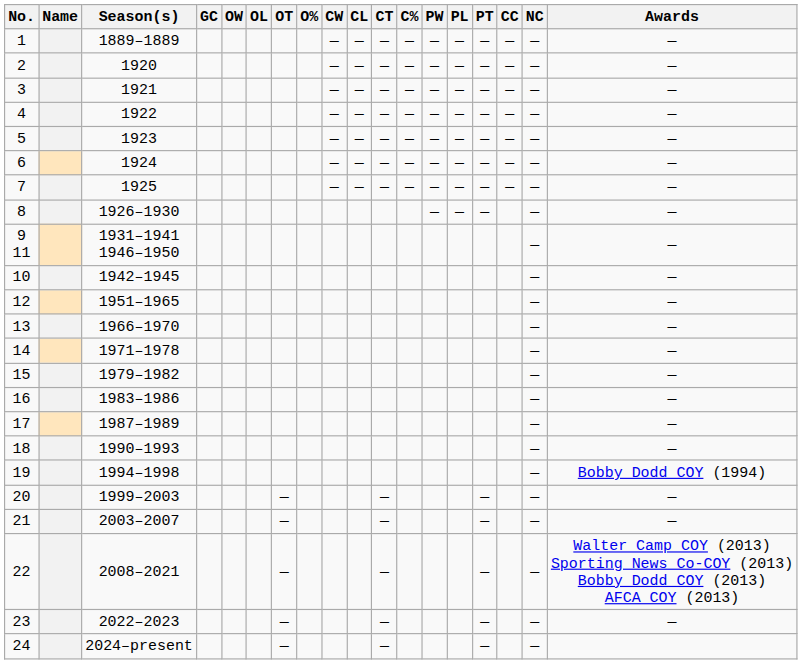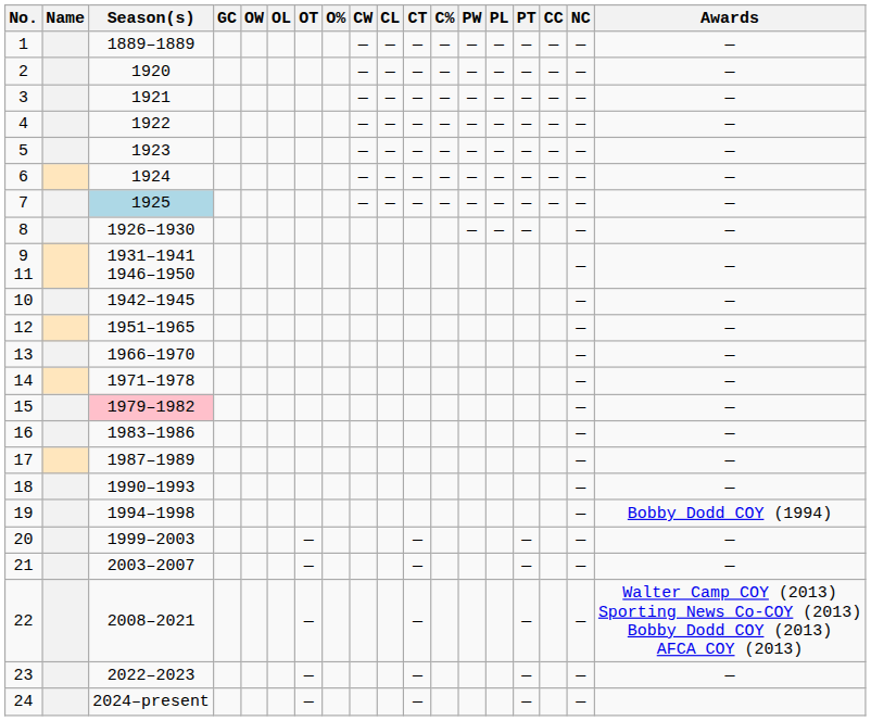 <table class="wikitable sortable" style="text-align:center">
 <tr>
 <th scope="col" class="unsortable">No.</th>
 <th scope="col">Name<br></th>
 <th scope="col">Season(s)<br></th>
 <th scope="col">GC</th>
 <th scope="col">OW</th>
 <th scope="col">OL</th>
 <th scope="col">OT</th>
 <th scope="col">O%</th>
 <th scope="col">CW</th>
 <th scope="col">CL</th>
 <th scope="col">CT</th>
 <th scope="col">C%</th>
 <th scope="col">PW</th>
 <th scope="col">PL</th>
 <th scope="col">PT</th>
 <th scope="col">CC</th>
 <th scope="col">NC</th>
 <th scope="col" class="unsortable">Awards</th>
 </tr>
 <tr>
 <td>1</td>
 <th scope="row"></th>
 <td>1889–1889</td>
 <td></td>
 <td></td>
 <td></td>
 <td></td>
 <td></td>
 <td>—</td>
 <td>—</td>
 <td>—</td>
 <td>—</td>
 <td>—</td>
 <td>—</td>
 <td>—</td>
 <td>—</td>
 <td>—</td>
 <td>—</td>
 </tr>
 <tr>
 <td>2</td>
 <th scope="row"></th>
 <td>1920</td>
 <td></td>
 <td></td>
 <td></td>
 <td></td>
 <td></td>
 <td>—</td>
 <td>—</td>
 <td>—</td>
 <td>—</td>
 <td>—</td>
 <td>—</td>
 <td>—</td>
 <td>—</td>
 <td>—</td>
 <td>—</td>
 </tr>
 <tr>
 <td>3</td>
 <th scope="row"></th>
 <td>1921</td>
 <td></td>
 <td></td>
 <td></td>
 <td></td>
 <td></td>
 <td>—</td>
 <td>—</td>
 <td>—</td>
 <td>—</td>
 <td>—</td>
 <td>—</td>
 <td>—</td>
 <td>—</td>
 <td>—</td>
 <td>—</td>
 </tr>
 <tr>
 <td>4</td>
 <th scope="row"></th>
 <td>1922</td>
 <td></td>
 <td></td>
 <td></td>
 <td></td>
 <td></td>
 <td>—</td>
 <td>—</td>
 <td>—</td>
 <td>—</td>
 <td>—</td>
 <td>—</td>
 <td>—</td>
 <td>—</td>
 <td>—</td>
 <td>—</td>
 </tr>
 <tr>
 <td>5</td>
 <th scope="row"></th>
 <td>1923</td>
 <td></td>
 <td></td>
 <td></td>
 <td></td>
 <td></td>
 <td>—</td>
 <td>—</td>
 <td>—</td>
 <td>—</td>
 <td>—</td>
 <td>—</td>
 <td>—</td>
 <td>—</td>
 <td>—</td>
 <td>—</td>
 </tr>
 <tr>
 <td>6</td>
 <td scope="row" align="center" bgcolor=#FFE6BD><strong></strong><sup></sup></td>
 <td>1924</td>
 <td></td>
 <td></td>
 <td></td>
 <td></td>
 <td></td>
 <td>—</td>
 <td>—</td>
 <td>—</td>
 <td>—</td>
 <td>—</td>
 <td>—</td>
 <td>—</td>
 <td>—</td>
 <td>—</td>
 <td>—</td>
 </tr>
 <tr>
 <td>7</td>
 <th scope="row"></th>
-<td>1925</td>
+<td style="background: lightblue;">1925</td>
 <td></td>
 <td></td>
 <td></td>
 <td></td>
 <td></td>
 <td>—</td>
 <td>—</td>
 <td>—</td>
 <td>—</td>
 <td>—</td>
 <td>—</td>
 <td>—</td>
 <td>—</td>
 <td>—</td>
 <td>—</td>
 </tr>
 <tr>
 <td>8</td>
 <th scope="row"></th>
 <td>1926–1930</td>
 <td></td>
 <td></td>
 <td></td>
 <td></td>
 <td></td>
 <td></td>
 <td></td>
 <td></td>
 <td></td>
 <td>—</td>
 <td>—</td>
 <td>—</td>
 <td></td>
 <td>—</td>
 <td>—</td>
 </tr>
 <tr>
 <td>9<br>11</td>
 <td scope="row" align="center" bgcolor=#FFE6BD><strong></strong><sup></sup></td>
 <td>1931–1941<br>1946–1950</td>
 <td></td>
 <td></td>
 <td></td>
 <td></td>
 <td></td>
 <td></td>
 <td></td>
 <td></td>
 <td></td>
 <td></td>
 <td></td>
 <td></td>
 <td></td>
 <td>—</td>
 <td>—</td>
 </tr>
 <tr>
 <td>10</td>
 <th scope="row"></th>
 <td>1942–1945</td>
 <td></td>
 <td></td>
 <td></td>
 <td></td>
 <td></td>
 <td></td>
 <td></td>
 <td></td>
 <td></td>
 <td></td>
 <td></td>
 <td></td>
 <td></td>
 <td>—</td>
 <td>—</td>
 </tr>
 <tr>
 <td>12</td>
 <td scope="row" align="center" bgcolor=#FFE6BD><strong></strong><sup></sup></td>
 <td>1951–1965</td>
 <td></td>
 <td></td>
 <td></td>
 <td></td>
 <td></td>
 <td></td>
 <td></td>
 <td></td>
 <td></td>
 <td></td>
 <td></td>
 <td></td>
 <td></td>
 <td>—</td>
 <td>—</td>
 </tr>
 <tr>
 <td>13</td>
 <th scope="row"></th>
 <td>1966–1970</td>
 <td></td>
 <td></td>
 <td></td>
 <td></td>
 <td></td>
 <td></td>
 <td></td>
 <td></td>
 <td></td>
 <td></td>
 <td></td>
 <td></td>
 <td></td>
 <td>—</td>
 <td>—</td>
 </tr>
 <tr>
 <td>14</td>
 <td scope="row" align="center" bgcolor=#FFE6BD><strong></strong><sup></sup></td>
 <td>1971–1978</td>
 <td></td>
 <td></td>
 <td></td>
 <td></td>
 <td></td>
 <td></td>
 <td></td>
 <td></td>
 <td></td>
 <td></td>
 <td></td>
 <td></td>
 <td></td>
 <td>—</td>
 <td>—</td>
 </tr>
 <tr>
 <td>15</td>
 <th scope="row"></th>
-<td>1979–1982</td>
+<td style="background: pink;">1979–1982</td>
 <td></td>
 <td></td>
 <td></td>
 <td></td>
 <td></td>
 <td></td>
 <td></td>
 <td></td>
 <td></td>
 <td></td>
 <td></td>
 <td></td>
 <td></td>
 <td>—</td>
 <td>—</td>
 </tr>
 <tr>
 <td>16</td>
 <th scope="row"></th>
 <td>1983–1986</td>
 <td></td>
 <td></td>
 <td></td>
 <td></td>
 <td></td>
 <td></td>
 <td></td>
 <td></td>
 <td></td>
 <td></td>
 <td></td>
 <td></td>
 <td></td>
 <td>—</td>
 <td>—</td>
 </tr>
 <tr>
 <td>17</td>
 <td scope="row" align="center" bgcolor=#FFE6BD><strong></strong><sup></sup></td>
 <td>1987–1989</td>
 <td></td>
 <td></td>
 <td></td>
 <td></td>
 <td></td>
 <td></td>
 <td></td>
 <td></td>
 <td></td>
 <td></td>
 <td></td>
 <td></td>
 <td></td>
 <td>—</td>
 <td>—</td>
 </tr>
 <tr>
 <td>18</td>
 <th scope="row"></th>
 <td>1990–1993</td>
 <td></td>
 <td></td>
 <td></td>
 <td></td>
 <td></td>
 <td></td>
 <td></td>
 <td></td>
 <td></td>
 <td></td>
 <td></td>
 <td></td>
 <td></td>
 <td>—</td>
 <td>—</td>
 </tr>
 <tr>
 <td>19</td>
 <th scope="row"></th>
 <td>1994–1998</td>
 <td></td>
 <td></td>
 <td></td>
 <td></td>
 <td></td>
 <td></td>
 <td></td>
 <td></td>
 <td></td>
 <td></td>
 <td></td>
 <td></td>
 <td></td>
 <td>—</td>
 <td><a href='#'>Bobby Dodd COY</a> (1994)</td>
 </tr>
 <tr>
 <td>20</td>
 <th scope="row"></th>
 <td>1999–2003</td>
 <td></td>
 <td></td>
 <td></td>
 <td>—</td>
 <td></td>
 <td></td>
 <td></td>
 <td>—</td>
 <td></td>
 <td></td>
 <td></td>
 <td>—</td>
 <td></td>
 <td>—</td>
 <td>—</td>
 </tr>
 <tr>
 <td>21</td>
 <th scope="row"></th>
 <td>2003–2007</td>
 <td></td>
 <td></td>
 <td></td>
 <td>—</td>
 <td></td>
 <td></td>
 <td></td>
 <td>—</td>
 <td></td>
 <td></td>
 <td></td>
 <td>—</td>
 <td></td>
 <td>—</td>
 <td>—</td>
 </tr>
 <tr>
 <td>22</td>
 <th scope="row"></th>
 <td>2008–2021</td>
 <td></td>
 <td></td>
 <td></td>
 <td>—</td>
 <td></td>
 <td></td>
 <td></td>
 <td>—</td>
 <td></td>
 <td></td>
 <td></td>
 <td>—</td>
 <td></td>
 <td>—</td>
 <td><a href='#'>Walter Camp COY</a> (2013)<br><a href='#'>Sporting News Co-COY</a> (2013)<br><a href='#'>Bobby Dodd COY</a> (2013)<br><a href='#'>AFCA COY</a> (2013)</td>
 </tr>
 <tr>
 <td>23</td>
 <th scope="row"></th>
 <td>2022–2023</td>
 <td></td>
 <td></td>
 <td></td>
 <td>—</td>
 <td></td>
 <td></td>
 <td></td>
 <td>—</td>
 <td></td>
 <td></td>
 <td></td>
 <td>—</td>
 <td></td>
 <td>—</td>
 <td>—</td>
 </tr>
 <tr>
 <td>24</td>
 <th scope="row"></th>
 <td>2024–present</td>
 <td></td>
 <td></td>
 <td></td>
 <td>—</td>
 <td></td>
 <td></td>
 <td></td>
 <td>—</td>
 <td></td>
 <td></td>
 <td></td>
 <td>—</td>
 <td></td>
 <td>—</td>
 </tr>
 </table>
